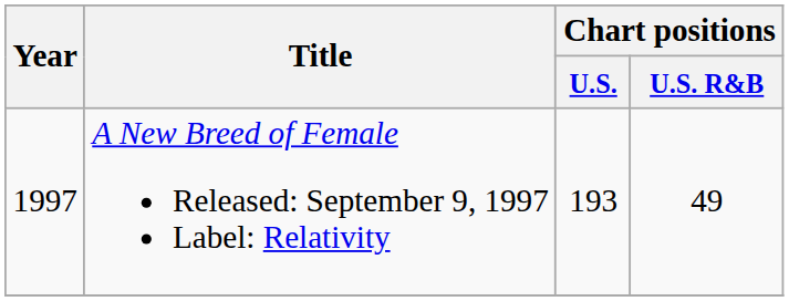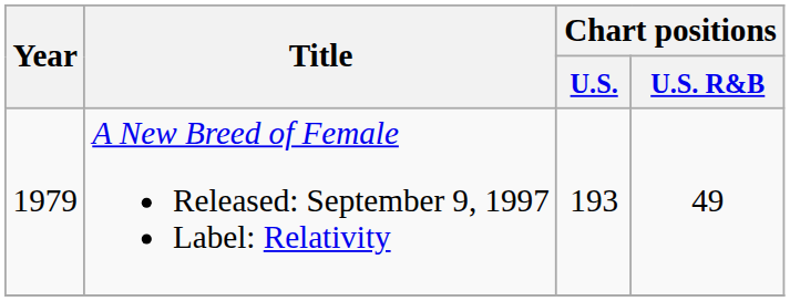 <table class="wikitable">
 <tr>
 <th rowspan="2">Year</th>
 <th rowspan="2">Title</th>
 <th colspan="2">Chart positions</th>
 </tr>
 <tr>
 <th><small><a href='#'>U.S.</a></small></th>
 <th><small><a href='#'>U.S. R&B</a></small></th>
 </tr>
 <tr>
-<td>1997</td>
+<td>1979</td>
 <td><em><a href='#'>A New Breed of Female</a></em><br><ul><li>Released: September 9, 1997</li><li>Label: <a href='#'>Relativity</a></li></ul></td>
 <td align="center">193</td>
 <td align="center">49</td>
 </tr>
 <tr>
 </tr>
 </table>
